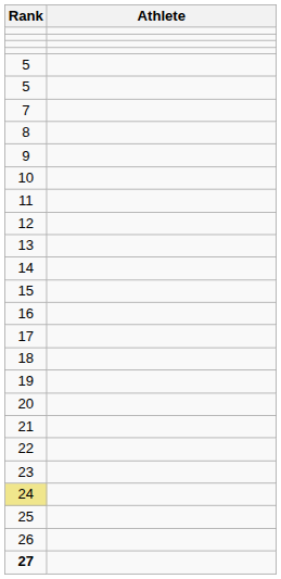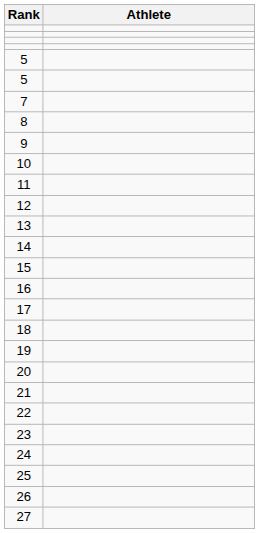 <table class="wikitable" style="text-align: center;">
 <tr>
 <th width=40>Rank</th>
 <th width=250>Athlete</th>
 </tr>
 <tr>
 <td></td>
 <td align="left"></td>
 </tr>
 <tr>
 <td></td>
 <td align="left"></td>
 </tr>
 <tr>
 <td></td>
 <td align="left"></td>
 </tr>
 <tr>
 <td></td>
 <td align="left"></td>
 </tr>
 <tr>
 <td>5</td>
 <td align="left"></td>
 </tr>
 <tr>
 <td>5</td>
 <td align="left"></td>
 </tr>
 <tr>
 <td>7</td>
 <td align="left"></td>
 </tr>
 <tr>
 <td>8</td>
 <td align="left"></td>
 </tr>
 <tr>
 <td>9</td>
 <td align="left"></td>
 </tr>
 <tr>
 <td>10</td>
 <td align="left"></td>
 </tr>
 <tr>
 <td>11</td>
 <td align="left"></td>
 </tr>
 <tr>
 <td>12</td>
 <td align="left"></td>
 </tr>
 <tr>
 <td>13</td>
 <td align="left"></td>
 </tr>
 <tr>
 <td>14</td>
 <td align="left"></td>
 </tr>
 <tr>
 <td>15</td>
 <td align="left"></td>
 </tr>
 <tr>
 <td>16</td>
 <td align="left"></td>
 </tr>
 <tr>
 <td>17</td>
 <td align="left"></td>
 </tr>
 <tr>
 <td>18</td>
 <td align="left"></td>
 </tr>
 <tr>
 <td>19</td>
 <td align="left"></td>
 </tr>
 <tr>
 <td>20</td>
 <td align="left"></td>
 </tr>
 <tr>
 <td>21</td>
 <td align="left"></td>
 </tr>
 <tr>
 <td>22</td>
 <td align="left"></td>
 </tr>
 <tr>
 <td>23</td>
 <td align="left"></td>
 </tr>
 <tr>
-<td style="background: khaki;">24</td>
+<td>24</td>
 <td align="left"></td>
 </tr>
 <tr>
 <td>25</td>
 <td align="left"></td>
 </tr>
 <tr>
 <td>26</td>
 <td align="left"></td>
 </tr>
 <tr>
-<td><strong>27</strong></td>
+<td>27</td>
 <td align="left"></td>
 </tr>
 </table>
